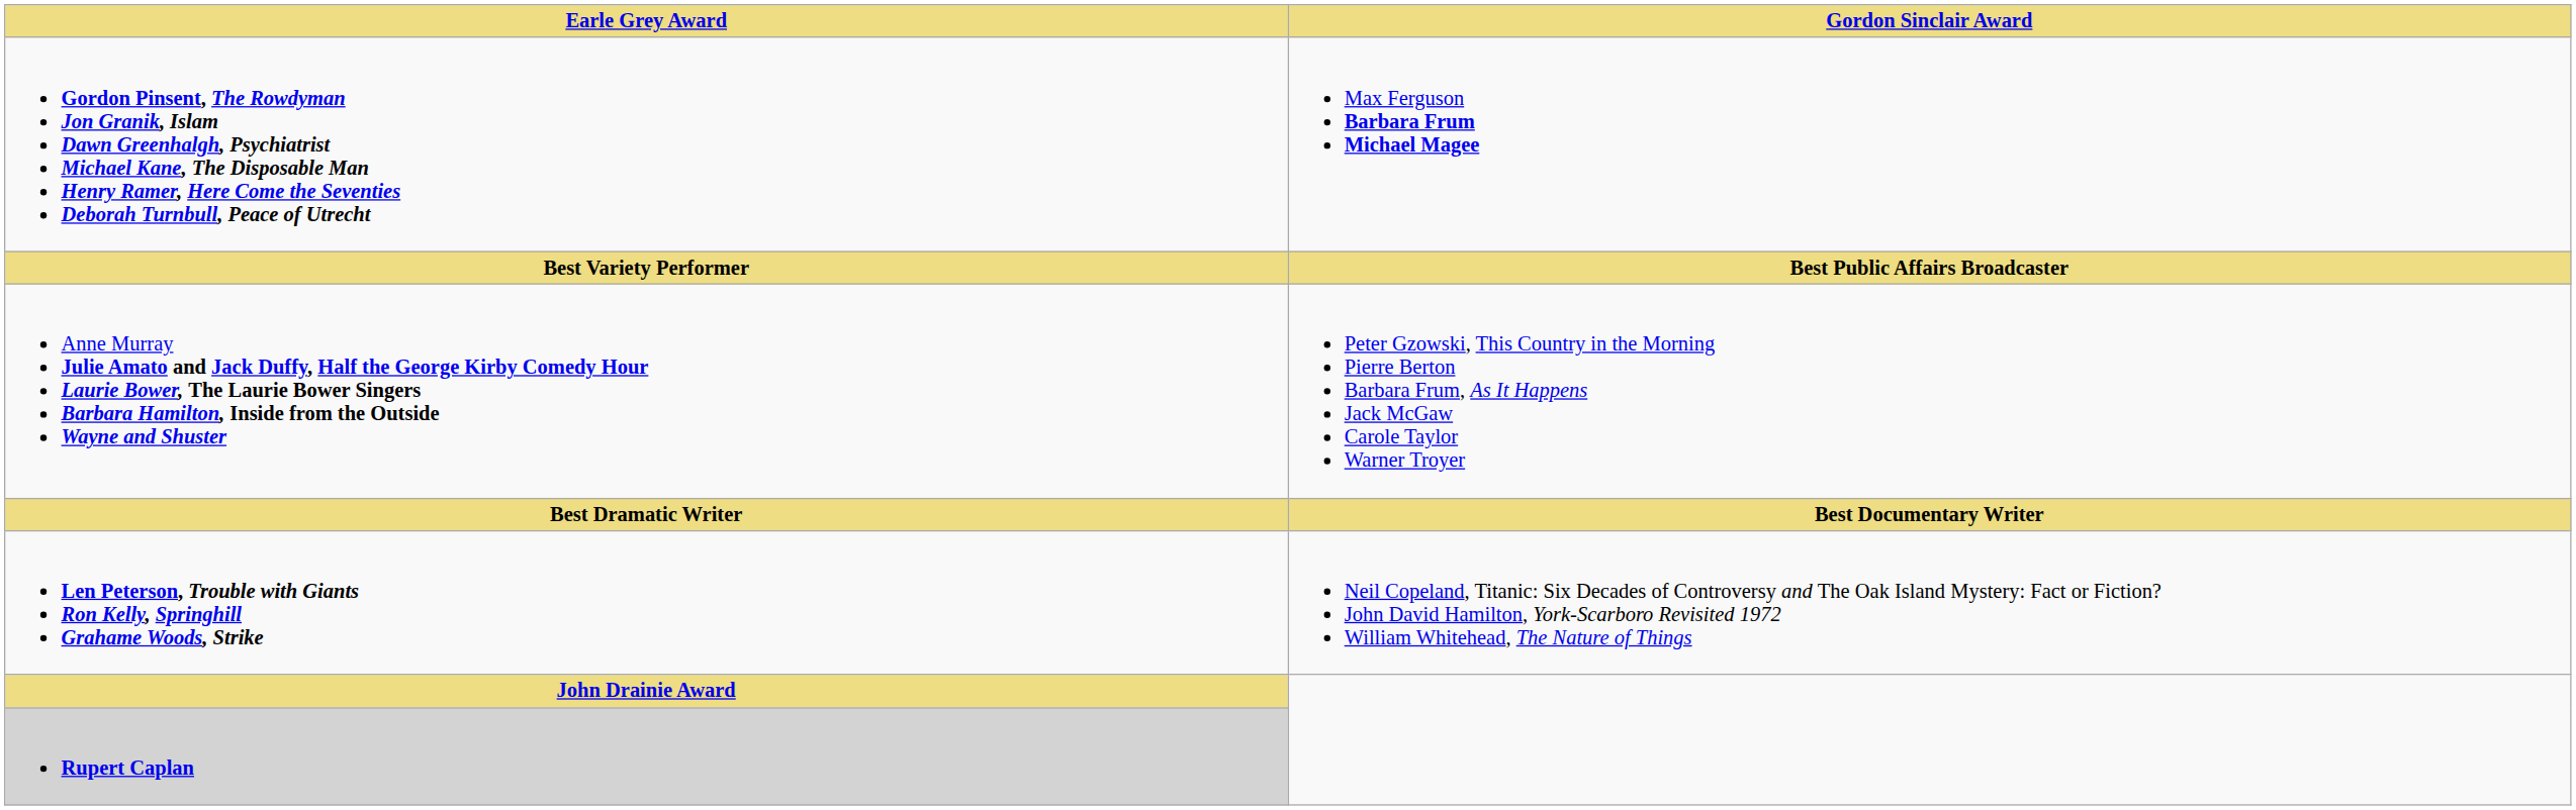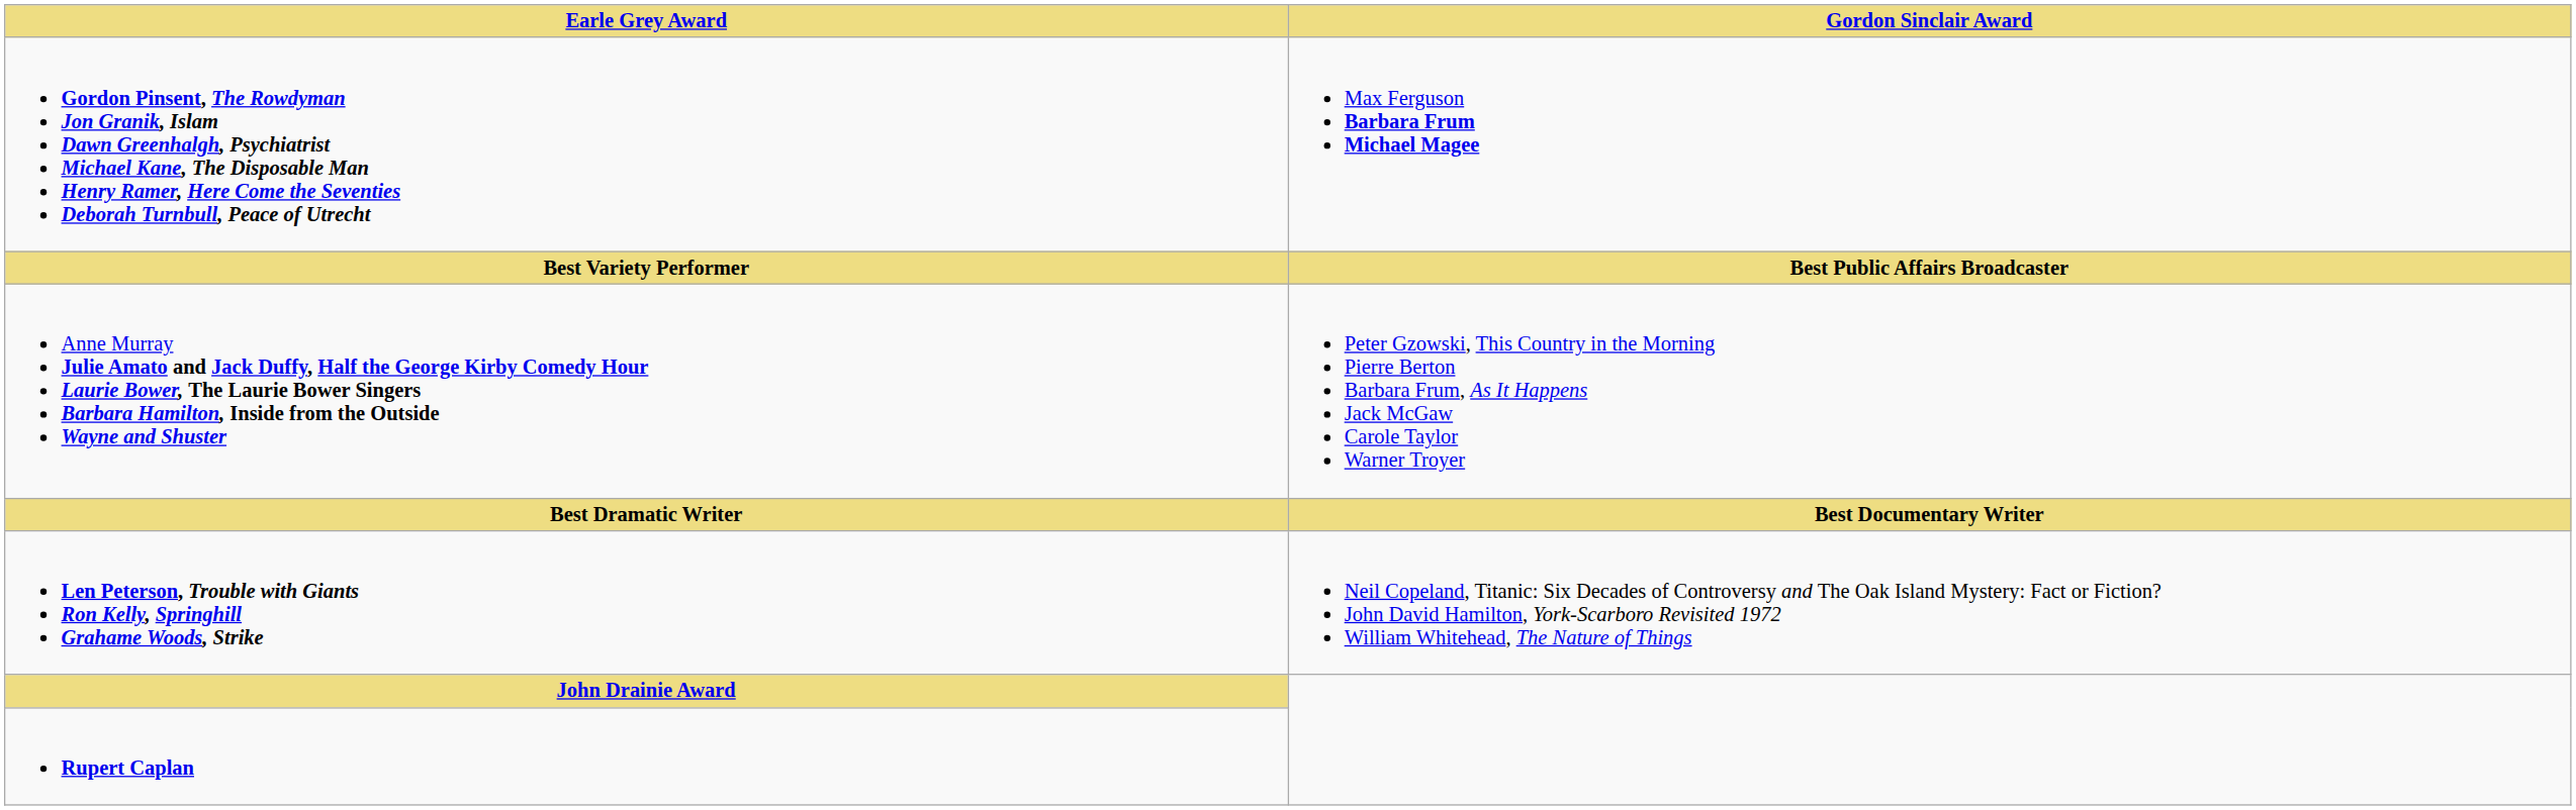 <table class=wikitable width="100%">
 <tr>
 <th style="background:#EEDD82; width:50%"><a href='#'>Earle Grey Award</a></th>
 <th style="background:#EEDD82; width:50%"><a href='#'>Gordon Sinclair Award</a></th>
 </tr>
 <tr>
 <td valign="top"><br><ul><li> <strong><a href='#'>Gordon Pinsent</a>, <em><a href='#'>The Rowdyman</a><strong><em></li><li><a href='#'>Jon Granik</a>, </em>Islam<em></li><li><a href='#'>Dawn Greenhalgh</a>, </em>Psychiatrist<em></li><li><a href='#'>Michael Kane</a>, </em>The Disposable Man<em></li><li><a href='#'>Henry Ramer</a>, </em><a href='#'>Here Come the Seventies</a><em></li><li><a href='#'>Deborah Turnbull</a>, </em>Peace of Utrecht<em></li></ul></td>
 <td valign="top"><br><ul><li> </strong><a href='#'>Max Ferguson</a><strong></li><li><a href='#'>Barbara Frum</a></li><li><a href='#'>Michael Magee</a></li></ul></td>
 </tr>
 <tr>
 <th style="background:#EEDD82; width:50%">Best Variety Performer</th>
 <th style="background:#EEDD82; width:50%">Best Public Affairs Broadcaster</th>
 </tr>
 <tr>
 <td valign="top"><br><ul><li> </strong><a href='#'>Anne Murray</a><strong></li><li><a href='#'>Julie Amato</a> and <a href='#'>Jack Duffy</a>, </em><a href='#'>Half the George Kirby Comedy Hour</a><em></li><li><a href='#'>Laurie Bower</a>, </em>The Laurie Bower Singers<em></li><li><a href='#'>Barbara Hamilton</a>, </em>Inside from the Outside<em></li><li><a href='#'>Wayne and Shuster</a></li></ul></td>
 <td valign="top"><br><ul><li> </strong><a href='#'>Peter Gzowski</a>, </em><a href='#'>This Country in the Morning</a></em></strong></li><li><a href='#'>Pierre Berton</a></li><li><a href='#'>Barbara Frum</a>, <em><a href='#'>As It Happens</a></em></li><li><a href='#'>Jack McGaw</a></li><li><a href='#'>Carole Taylor</a></li><li><a href='#'>Warner Troyer</a></li></ul></td>
 </tr>
 <tr>
 <th style="background:#EEDD82; width:50%">Best Dramatic Writer</th>
 <th style="background:#EEDD82; width:50%">Best Documentary Writer</th>
 </tr>
 <tr>
 <td valign="top"><br><ul><li> <strong><a href='#'>Len Peterson</a>, <em>Trouble with Giants<strong><em></li><li><a href='#'>Ron Kelly</a>, </em><a href='#'>Springhill</a><em></li><li><a href='#'>Grahame Woods</a>, </em>Strike<em></li></ul></td>
 <td valign="top"><br><ul><li> </strong><a href='#'>Neil Copeland</a>, </em>Titanic: Six Decades of Controversy<em> and </em>The Oak Island Mystery: Fact or Fiction?</em></strong></li><li><a href='#'>John David Hamilton</a>, <em>York-Scarboro Revisited 1972</em></li><li><a href='#'>William Whitehead</a>, <em><a href='#'>The Nature of Things</a></em></li></ul></td>
 </tr>
 <tr>
 <th style="background:#EEDD82; width:50%"><a href='#'>John Drainie Award</a></th>
 </tr>
 <tr>
-<td valign="top" style="background: lightgrey;"><br><ul><li> <strong><a href='#'>Rupert Caplan</a></strong></li></ul></td>
+<td valign="top"><br><ul><li> <strong><a href='#'>Rupert Caplan</a></strong></li></ul></td>
 </tr>
 </table>
